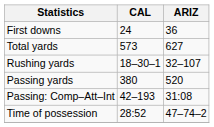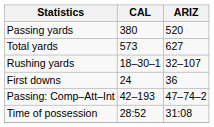 <table class="wikitable" style="float: left;">
 <tr>
 <th>Statistics</th>
 <th>CAL</th>
 <th>ARIZ</th>
 </tr>
 <tr>
-<td>First downs</td>
-<td>24</td>
-<td>36</td>
+<td>Passing yards</td>
+<td>380</td>
+<td>520</td>
 </tr>
 <tr>
 <td>Total yards</td>
 <td>573</td>
 <td>627</td>
 </tr>
 <tr>
 <td>Rushing yards</td>
 <td>18–30–1</td>
 <td>32–107</td>
 </tr>
 <tr>
-<td>Passing yards</td>
-<td>380</td>
-<td>520</td>
+<td>First downs</td>
+<td>24</td>
+<td>36</td>
 </tr>
 <tr>
 <td>Passing: Comp–Att–Int</td>
 <td>42–193</td>
-<td>31:08</td>
+<td>47–74–2</td>
 </tr>
 <tr>
 <td>Time of possession</td>
 <td>28:52</td>
-<td>47–74–2</td>
+<td>31:08</td>
 </tr>
 <tr>
 </tr>
 </table>
